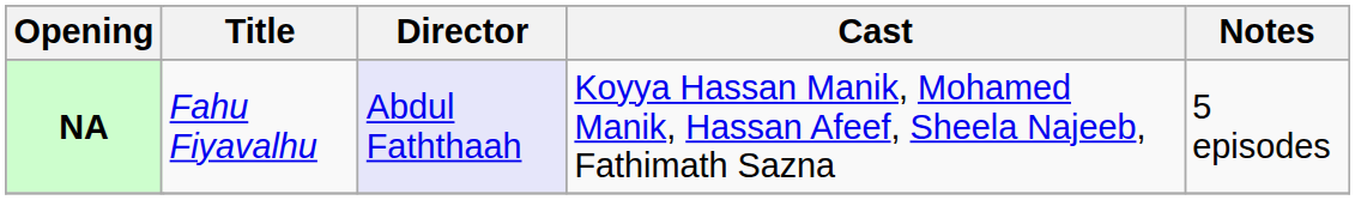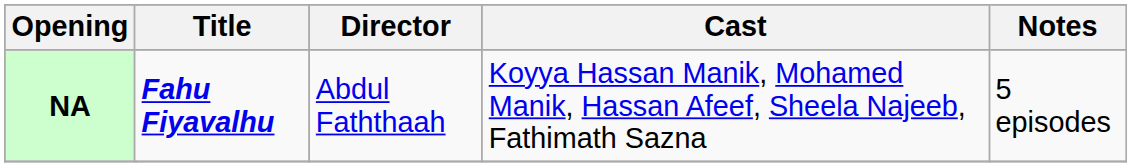 <table class="wikitable plainrowheaders" width="100%">
 <tr>
 <th scope="col" colspan="2">Opening</th>
 <th scope="col">Title</th>
 <th scope="col">Director</th>
 <th scope="col">Cast</th>
 <th scope="col">Notes</th>
 </tr>
 <tr>
 <td style="text-align:center; textcolor:#000; background:#cdfecd;" colspan="2"><strong>NA</strong></td>
-<td><em><a href='#'>Fahu Fiyavalhu</a></em></td>
-<td style="background: lavender;"><a href='#'>Abdul Faththaah</a></td>
+<td><strong><em><a href='#'>Fahu Fiyavalhu</a></em></strong></td>
+<td><a href='#'>Abdul Faththaah</a></td>
 <td><a href='#'>Koyya Hassan Manik</a>, <a href='#'>Mohamed Manik</a>, <a href='#'>Hassan Afeef</a>, <a href='#'>Sheela Najeeb</a>, Fathimath Sazna</td>
 <td>5 episodes</td>
 </tr>
 <tr>
 </tr>
 </table>
